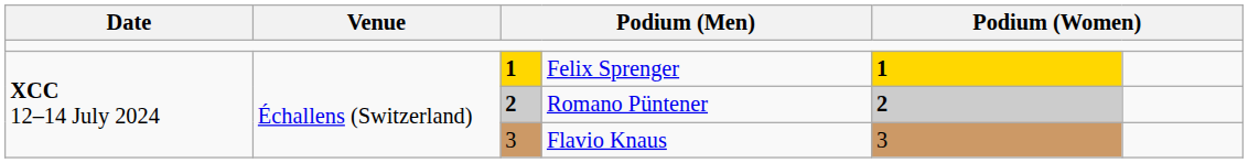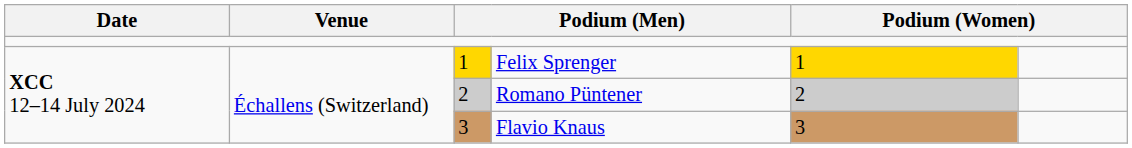 <table class="wikitable" width=70%>
 <tr>
 <th>Date</th>
 <th width=20%>Venue</th>
 <th colspan=2 width=30%>Podium (Men)</th>
 <th colspan=2 width=30%>Podium (Women)</th>
 </tr>
 <tr>
 <td colspan=6></td>
 </tr>
 <tr>
 <td rowspan=3><strong>XCC</strong> <br> 12–14 July 2024</td>
 <td rowspan=3><br><a href='#'>Échallens</a> (Switzerland)</td>
-<td bgcolor=FFD700><strong>1</strong></td>
+<td bgcolor=FFD700>1</td>
 <td><a href='#'>Felix Sprenger</a></td>
-<td bgcolor=FFD700><strong>1</strong></td>
+<td bgcolor=FFD700>1</td>
 <td></td>
 </tr>
 <tr>
-<td bgcolor=CCCCCC><strong>2</strong></td>
+<td bgcolor=CCCCCC>2</td>
 <td><a href='#'>Romano Püntener</a></td>
-<td bgcolor=CCCCCC><strong>2</strong></td>
+<td bgcolor=CCCCCC>2</td>
 <td></td>
 </tr>
 <tr>
 <td bgcolor=CC9966>3</td>
 <td><a href='#'>Flavio Knaus</a></td>
 <td bgcolor=CC9966>3</td>
 <td></td>
 </tr>
 </table>
